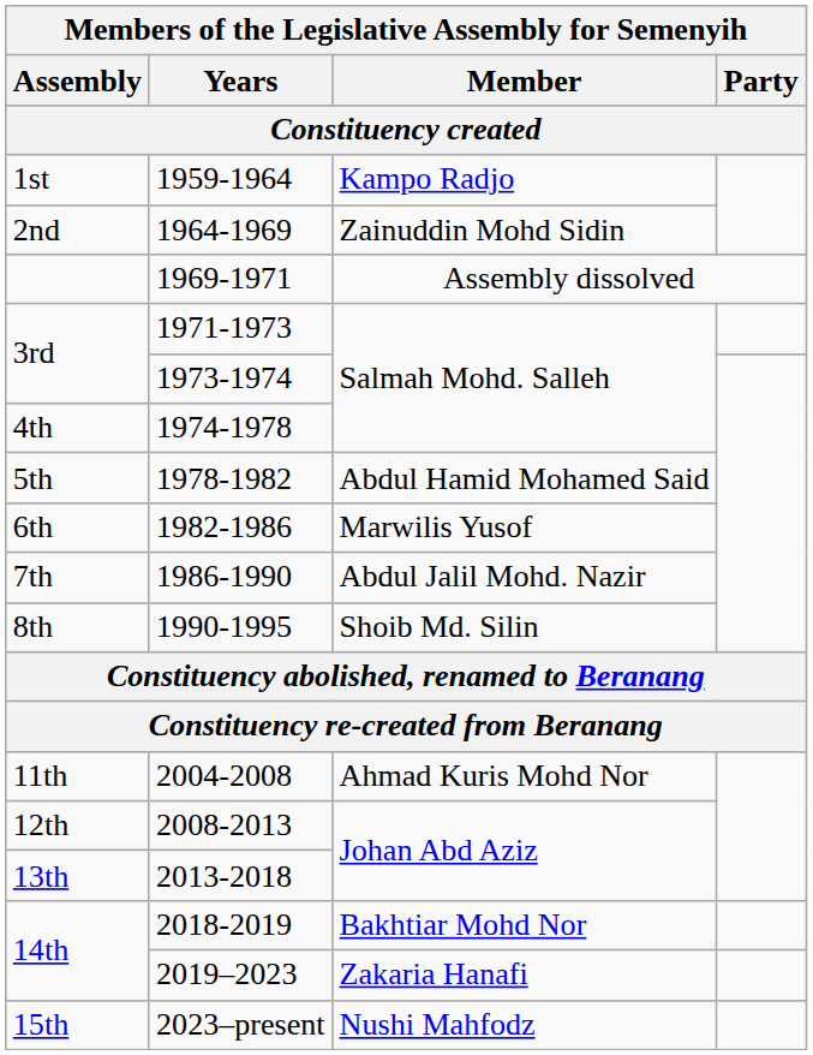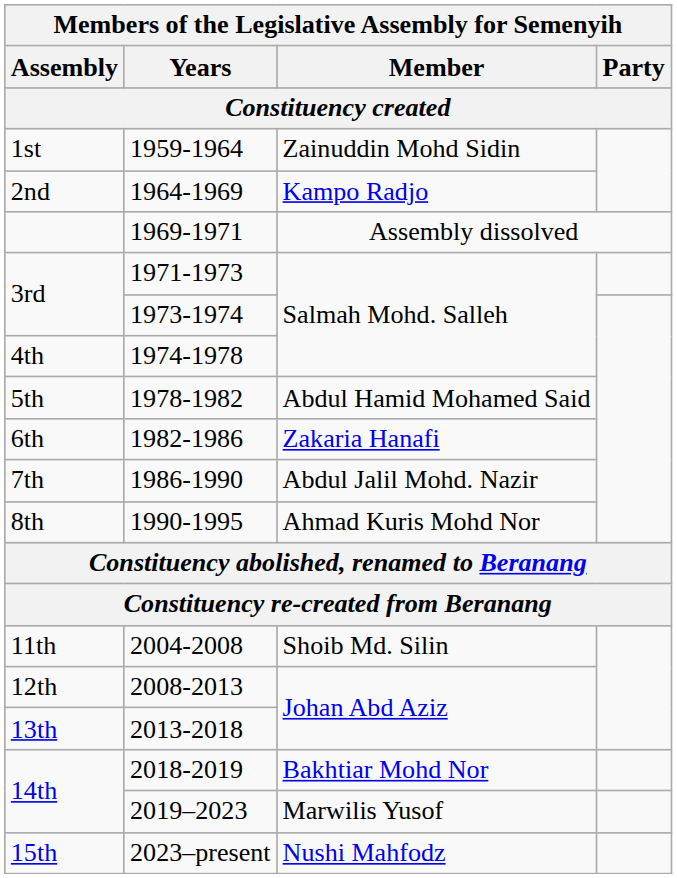 <table class=wikitable>
 <tr>
 <th colspan=4>Members of the Legislative Assembly for Semenyih</th>
 </tr>
 <tr>
 <th>Assembly</th>
 <th>Years</th>
 <th>Member</th>
 <th>Party</th>
 </tr>
 <tr>
 <th colspan=4 align=center><em>Constituency created</em></th>
 </tr>
 <tr>
 <td>1st</td>
 <td>1959-1964</td>
-<td><a href='#'>Kampo Radjo</a></td>
+<td>Zainuddin Mohd Sidin</td>
 <td rowspan=2></td>
 </tr>
 <tr>
 <td>2nd</td>
 <td>1964-1969</td>
-<td>Zainuddin Mohd Sidin</td>
+<td><a href='#'>Kampo Radjo</a></td>
 </tr>
 <tr>
 <td></td>
 <td>1969-1971</td>
 <td colspan=2 align=center>Assembly dissolved</td>
 </tr>
 <tr>
 <td rowspan=2>3rd</td>
 <td>1971-1973</td>
 <td rowspan=3>Salmah Mohd. Salleh</td>
 <td></td>
 </tr>
 <tr>
 <td>1973-1974</td>
 <td rowspan=6></td>
 </tr>
 <tr>
 <td>4th</td>
 <td>1974-1978</td>
 </tr>
 <tr>
 <td>5th</td>
 <td>1978-1982</td>
 <td>Abdul Hamid Mohamed Said</td>
 </tr>
 <tr>
 <td>6th</td>
 <td>1982-1986</td>
-<td>Marwilis Yusof</td>
+<td><a href='#'>Zakaria Hanafi</a></td>
 </tr>
 <tr>
 <td>7th</td>
 <td>1986-1990</td>
 <td>Abdul Jalil Mohd. Nazir</td>
 </tr>
 <tr>
 <td>8th</td>
 <td>1990-1995</td>
-<td>Shoib Md. Silin</td>
+<td>Ahmad Kuris Mohd Nor</td>
 </tr>
 <tr>
 <th colspan=4 align=center><em>Constituency abolished, renamed to <a href='#'>Beranang</a></em></th>
 </tr>
 <tr>
 <th colspan=4 align=center><em>Constituency re-created from Beranang</em></th>
 </tr>
 <tr>
 <td>11th</td>
 <td>2004-2008</td>
-<td>Ahmad Kuris Mohd Nor</td>
+<td>Shoib Md. Silin</td>
 <td rowspan=3></td>
 </tr>
 <tr>
 <td>12th</td>
 <td>2008-2013</td>
 <td rowspan=2><a href='#'>Johan Abd Aziz</a></td>
 </tr>
 <tr>
 <td><a href='#'>13th</a></td>
 <td>2013-2018</td>
 </tr>
 <tr>
 <td rowspan="2"><a href='#'>14th</a></td>
 <td>2018-2019</td>
 <td><a href='#'>Bakhtiar Mohd Nor</a></td>
 <td></td>
 </tr>
 <tr>
 <td>2019–2023</td>
-<td><a href='#'>Zakaria Hanafi</a></td>
+<td>Marwilis Yusof</td>
 <td></td>
 </tr>
 <tr>
 <td><a href='#'>15th</a></td>
 <td>2023–present</td>
 <td><a href='#'>Nushi Mahfodz</a></td>
 <td></td>
 </tr>
 </table>
